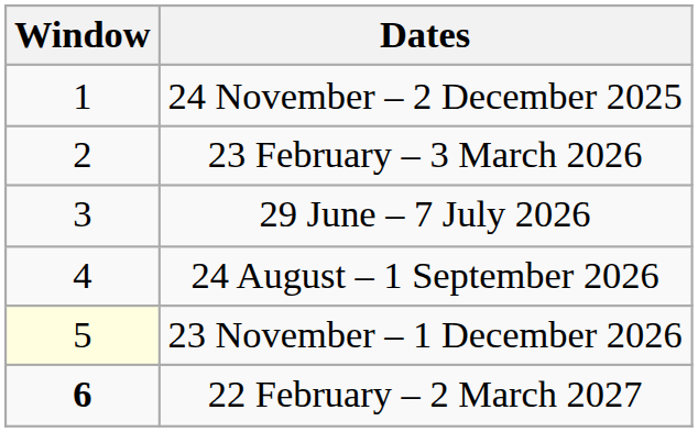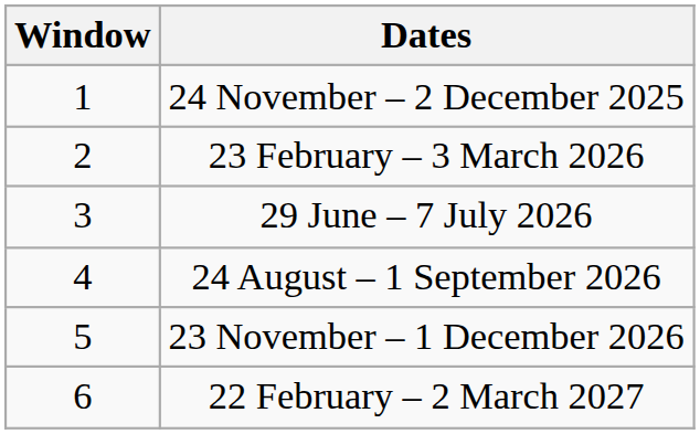 <table class="wikitable">
 <tr>
 <th>Window</th>
 <th>Dates</th>
 </tr>
 <tr align=center>
 <td>1</td>
 <td>24 November – 2 December 2025</td>
 </tr>
 <tr align=center>
 <td>2</td>
 <td>23 February – 3 March 2026</td>
 </tr>
 <tr align=center>
 <td>3</td>
 <td>29 June – 7 July 2026</td>
 </tr>
 <tr align=center>
 <td>4</td>
 <td>24 August – 1 September 2026</td>
 </tr>
 <tr align=center>
-<td style="background: lightyellow;">5</td>
+<td>5</td>
 <td>23 November – 1 December 2026</td>
 </tr>
 <tr align=center>
-<td><strong>6</strong></td>
+<td>6</td>
 <td>22 February – 2 March 2027</td>
 </tr>
 </table>
